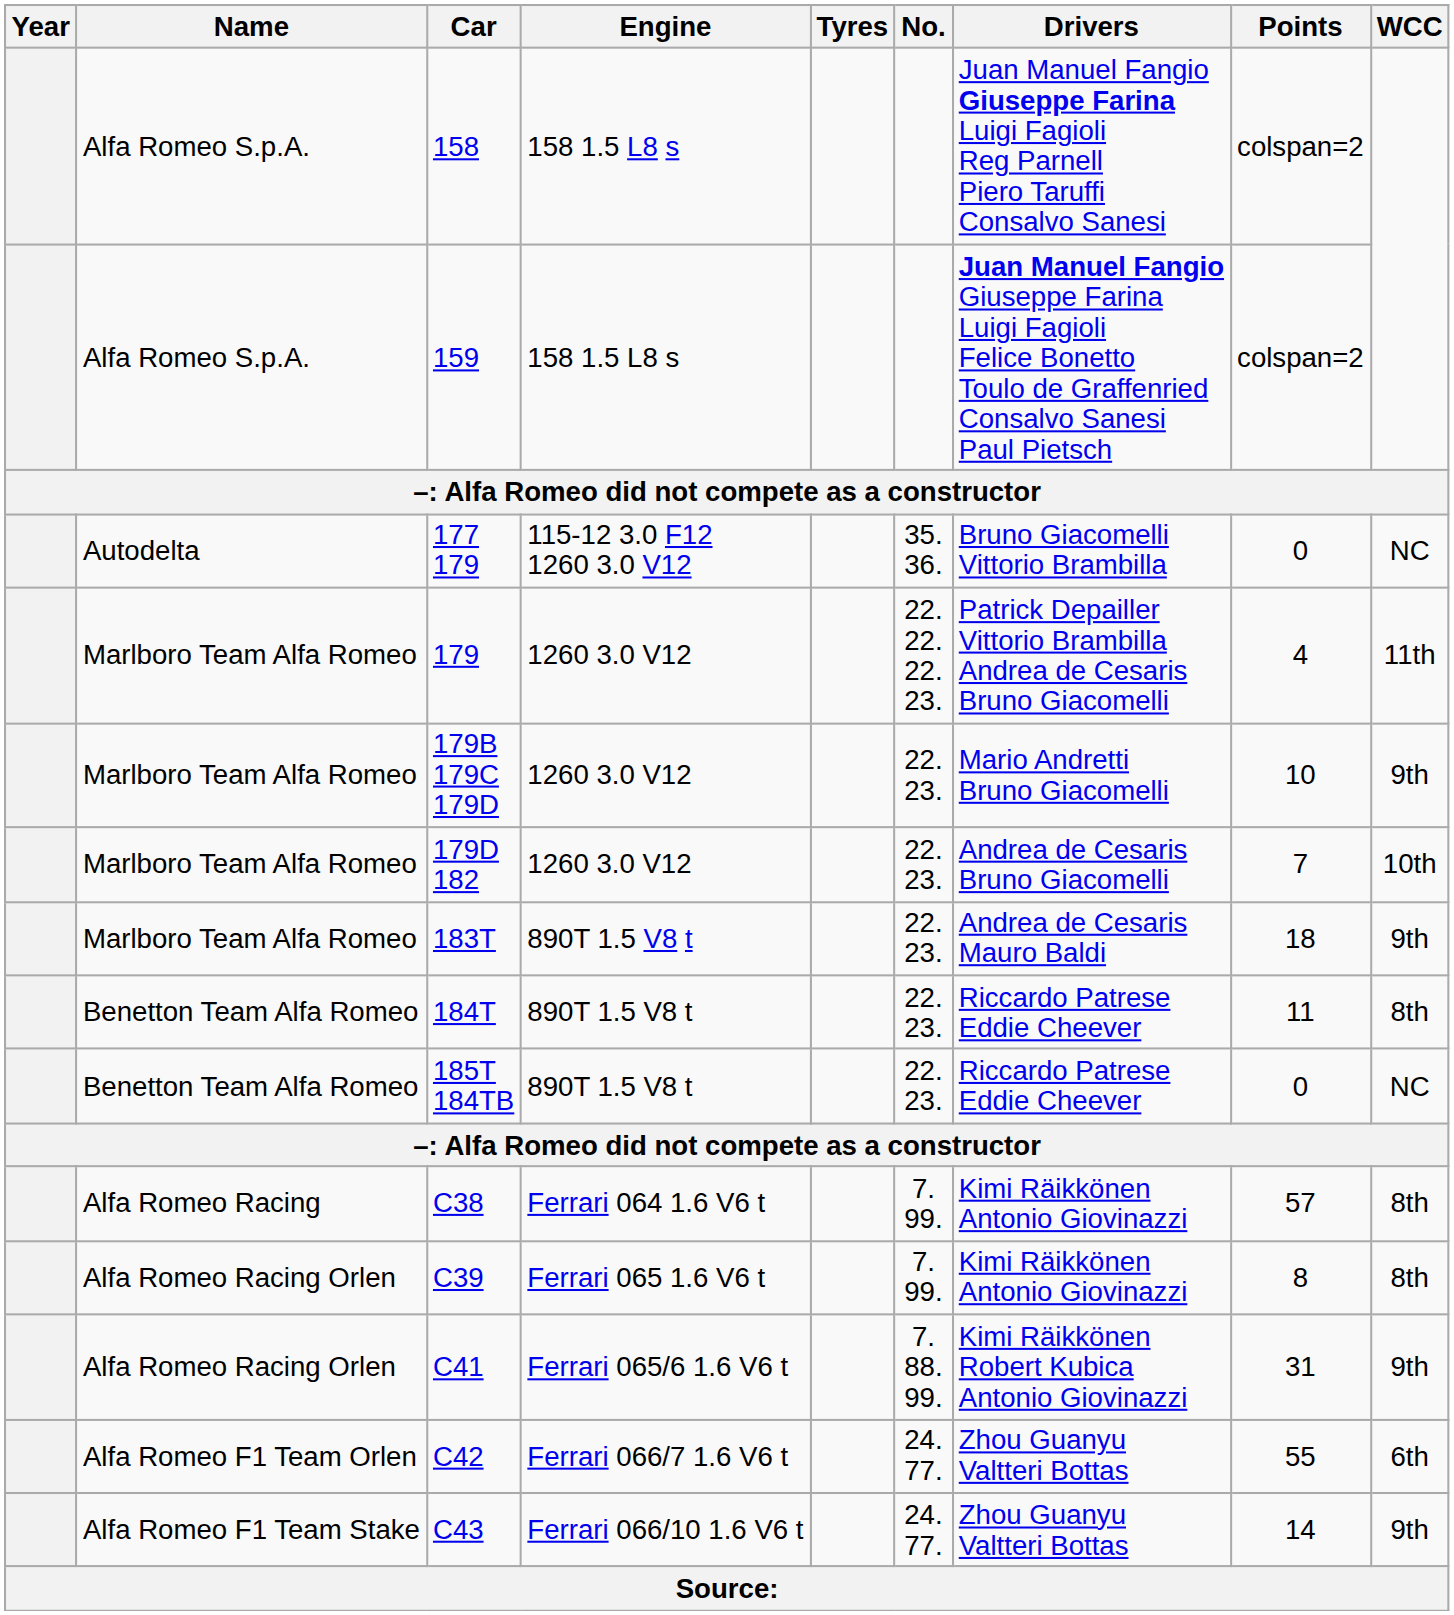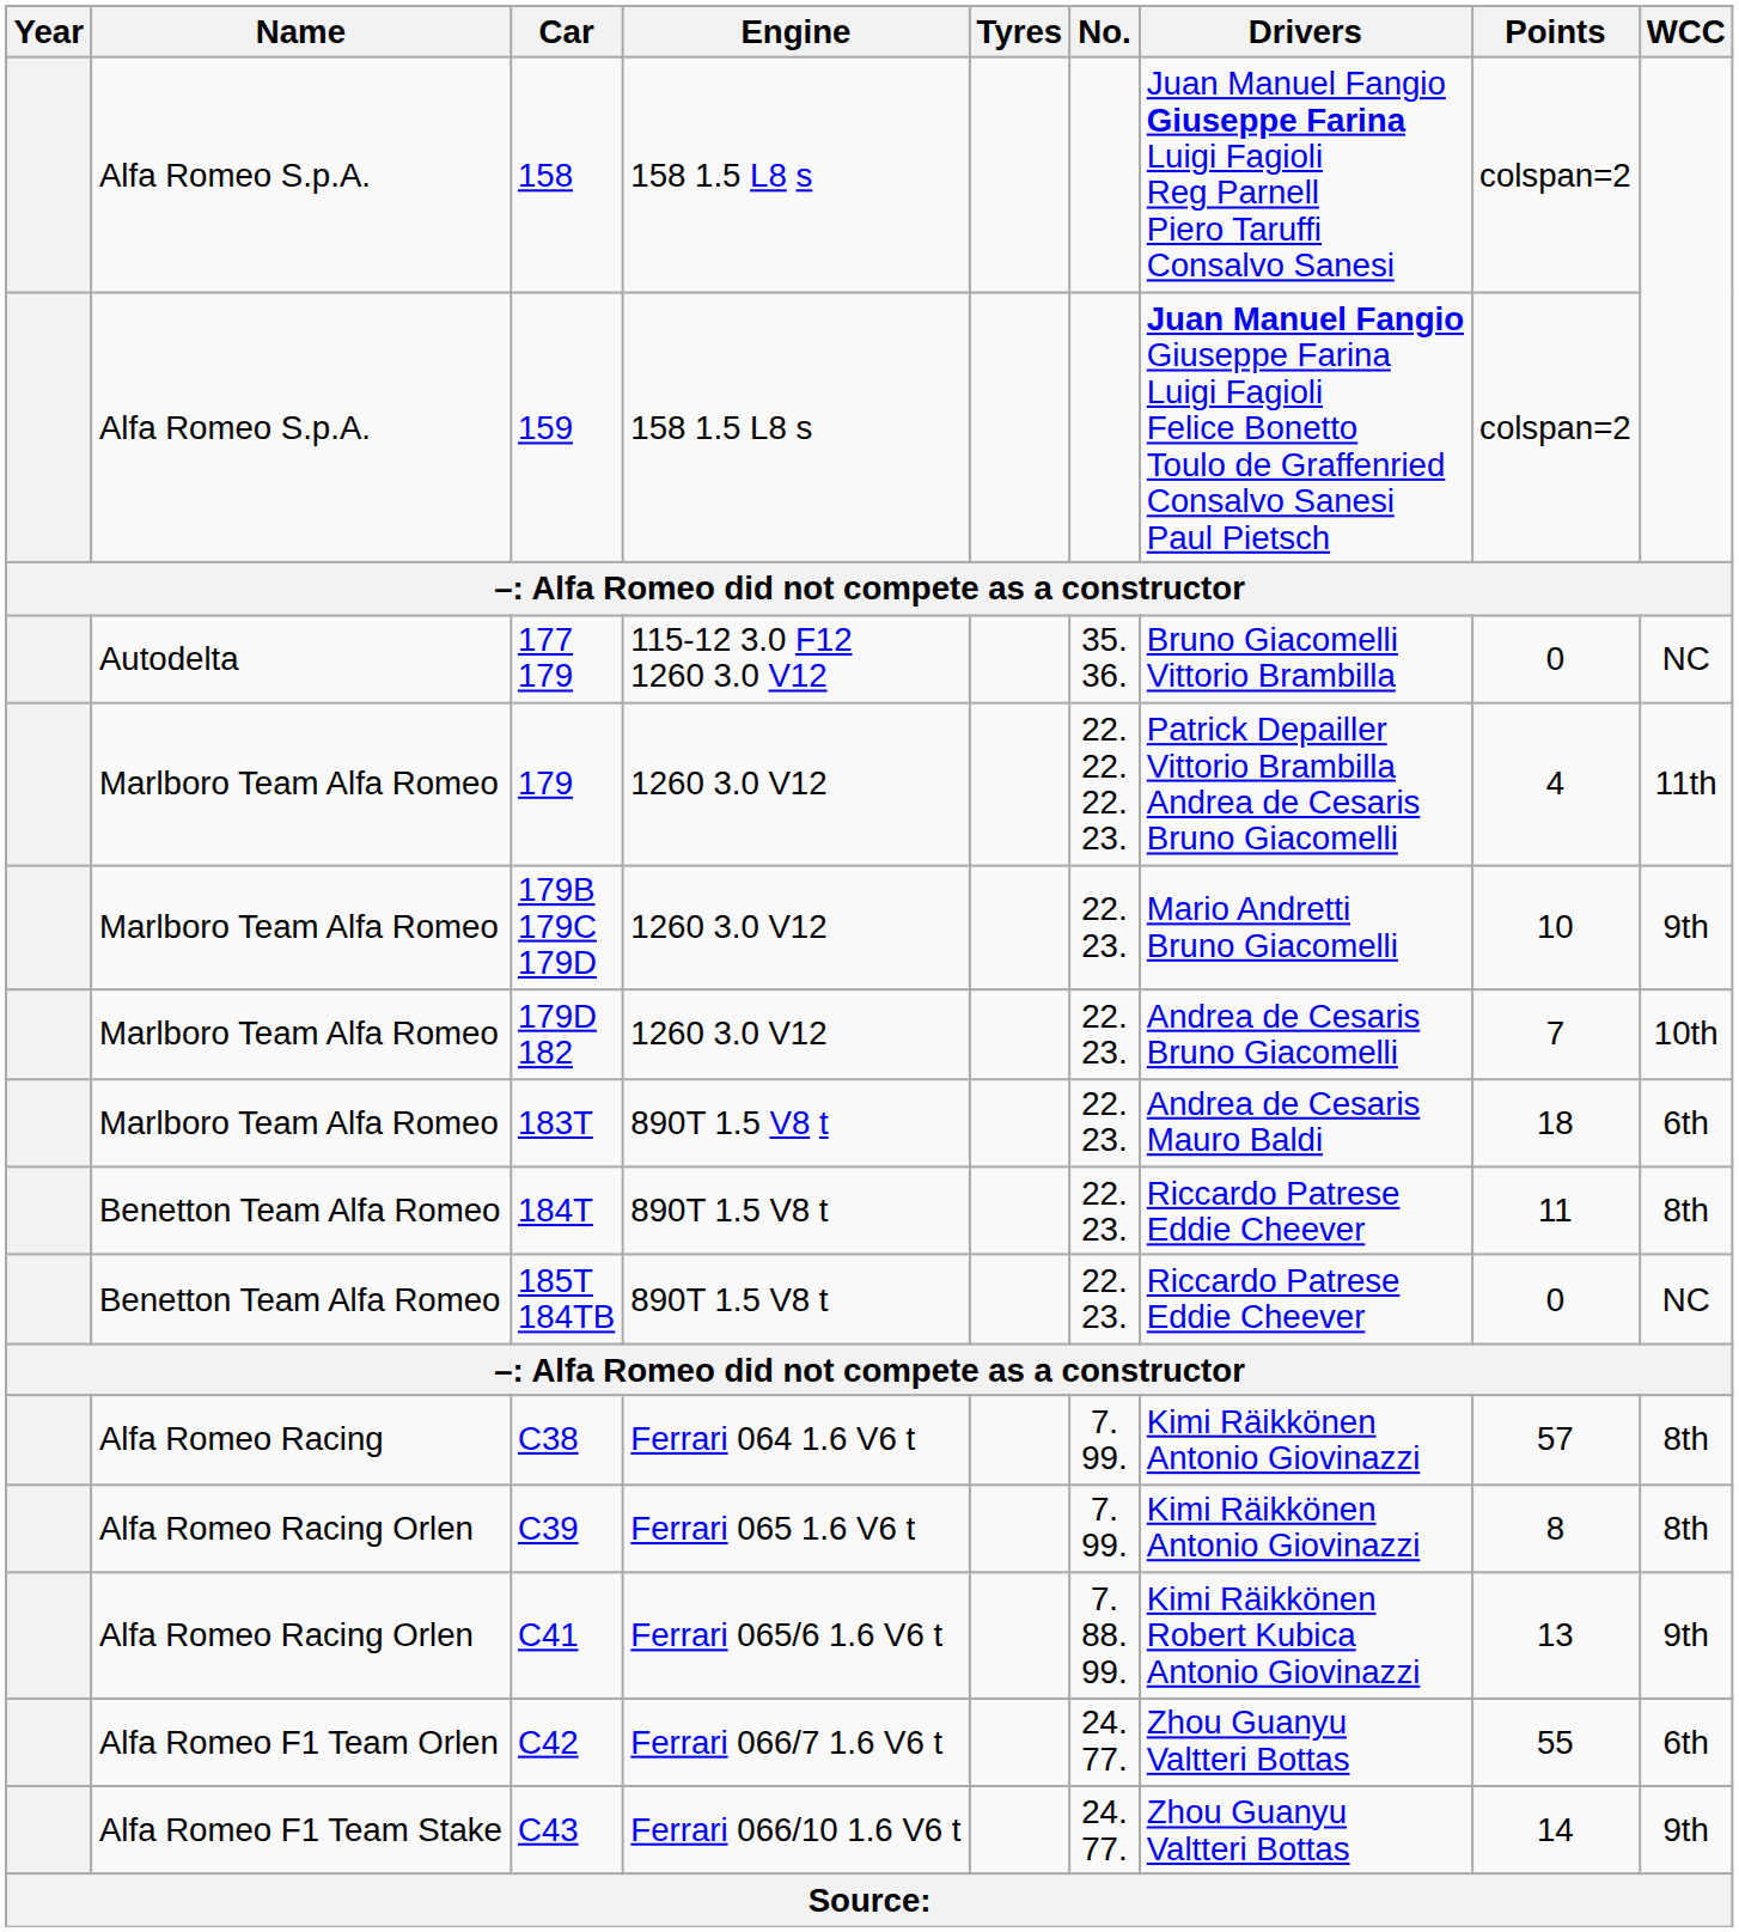 <table class="wikitable" style="text-align:center; font-size:85%">
 <tr>
 <th>Year</th>
 <th>Name</th>
 <th>Car</th>
 <th>Engine</th>
 <th>Tyres</th>
 <th>No.</th>
 <th>Drivers</th>
 <th>Points</th>
 <th>WCC</th>
 </tr>
 <tr>
 <th></th>
 <td align="left"> Alfa Romeo S.p.A.</td>
 <td align="left"><a href='#'>158</a></td>
 <td align="left">158 1.5 <a href='#'>L8</a> <a href='#'>s</a></td>
 <td></td>
 <td></td>
 <td align="left"> <a href='#'>Juan Manuel Fangio</a><br> <strong><a href='#'>Giuseppe Farina</a></strong><br> <a href='#'>Luigi Fagioli</a><br> <a href='#'>Reg Parnell</a><br> <a href='#'>Piero Taruffi</a><br> <a href='#'>Consalvo Sanesi</a></td>
 <td>colspan=2 </td>
 </tr>
 <tr>
 <th></th>
 <td align="left"> Alfa Romeo S.p.A.</td>
 <td align="left"><a href='#'>159</a></td>
 <td align="left">158 1.5 L8 s</td>
 <td></td>
 <td></td>
 <td align="left"> <strong><a href='#'>Juan Manuel Fangio</a></strong><br> <a href='#'>Giuseppe Farina</a><br> <a href='#'>Luigi Fagioli</a><br> <a href='#'>Felice Bonetto</a><br> <a href='#'>Toulo de Graffenried</a><br> <a href='#'>Consalvo Sanesi</a><br> <a href='#'>Paul Pietsch</a></td>
 <td>colspan=2 </td>
 </tr>
 <tr>
 <th colspan="9" style="text-align:center;">–: Alfa Romeo did not compete as a constructor</th>
 </tr>
 <tr>
 <th></th>
 <td align="left"> Autodelta</td>
 <td align="left"><a href='#'>177</a><br><a href='#'>179</a></td>
 <td align="left">115-12 3.0 <a href='#'>F12</a><br>1260 3.0 <a href='#'>V12</a></td>
 <td></td>
 <td>35.<br>36.</td>
 <td align="left"> <a href='#'>Bruno Giacomelli</a><br> <a href='#'>Vittorio Brambilla</a></td>
 <td>0</td>
 <td>NC</td>
 </tr>
 <tr>
 <th></th>
 <td align="left"> Marlboro Team Alfa Romeo</td>
 <td align="left"><a href='#'>179</a></td>
 <td align="left">1260 3.0 V12</td>
 <td></td>
 <td>22.<br>22.<br>22.<br>23.</td>
 <td align="left"> <a href='#'>Patrick Depailler</a><br> <a href='#'>Vittorio Brambilla</a><br> <a href='#'>Andrea de Cesaris</a><br> <a href='#'>Bruno Giacomelli</a></td>
 <td>4</td>
 <td>11th</td>
 </tr>
 <tr>
 <th></th>
 <td align="left"> Marlboro Team Alfa Romeo</td>
 <td align="left"><a href='#'>179B</a><br><a href='#'>179C</a><br><a href='#'>179D</a></td>
 <td align="left">1260 3.0 V12</td>
 <td></td>
 <td>22.<br>23.</td>
 <td align="left"> <a href='#'>Mario Andretti</a><br> <a href='#'>Bruno Giacomelli</a></td>
 <td>10</td>
 <td>9th</td>
 </tr>
 <tr>
 <th></th>
 <td align="left"> Marlboro Team Alfa Romeo</td>
 <td align="left"><a href='#'>179D</a><br><a href='#'>182</a></td>
 <td align="left">1260 3.0 V12</td>
 <td></td>
 <td>22.<br>23.</td>
 <td align="left"> <a href='#'>Andrea de Cesaris</a><br> <a href='#'>Bruno Giacomelli</a></td>
 <td>7</td>
 <td>10th</td>
 </tr>
 <tr>
 <th></th>
 <td align="left"> Marlboro Team Alfa Romeo</td>
 <td align="left"><a href='#'>183T</a></td>
 <td align="left">890T 1.5 <a href='#'>V8</a> <a href='#'>t</a></td>
 <td></td>
 <td>22.<br>23.</td>
 <td align="left"> <a href='#'>Andrea de Cesaris</a><br> <a href='#'>Mauro Baldi</a></td>
 <td>18</td>
-<td>9th</td>
+<td>6th</td>
 </tr>
 <tr>
 <th></th>
 <td align="left"> Benetton Team Alfa Romeo</td>
 <td align="left"><a href='#'>184T</a></td>
 <td align="left">890T 1.5 V8 t</td>
 <td></td>
 <td>22.<br>23.</td>
 <td align="left"> <a href='#'>Riccardo Patrese</a><br> <a href='#'>Eddie Cheever</a></td>
 <td>11</td>
 <td>8th</td>
 </tr>
 <tr>
 <th></th>
 <td align="left"> Benetton Team Alfa Romeo</td>
 <td align="left"><a href='#'>185T</a><br><a href='#'>184TB</a></td>
 <td align="left">890T 1.5 V8 t</td>
 <td></td>
 <td>22.<br>23.</td>
 <td align="left"> <a href='#'>Riccardo Patrese</a><br> <a href='#'>Eddie Cheever</a></td>
 <td>0</td>
 <td>NC</td>
 </tr>
 <tr>
 <th colspan="9" style="text-align:center;">–: Alfa Romeo did not compete as a constructor</th>
 </tr>
 <tr>
 <th></th>
 <td align="left">  Alfa Romeo Racing</td>
 <td align="left"><a href='#'>C38</a></td>
 <td align="left"><a href='#'>Ferrari</a> 064 1.6 V6 t</td>
 <td></td>
 <td>7.<br>99.</td>
 <td align="left"> <a href='#'>Kimi Räikkönen</a><br> <a href='#'>Antonio Giovinazzi</a></td>
 <td>57</td>
 <td>8th</td>
 </tr>
 <tr>
 <th></th>
 <td align="left">  Alfa Romeo Racing Orlen</td>
 <td align="left"><a href='#'>C39</a></td>
 <td align="left"><a href='#'>Ferrari</a> 065 1.6 V6 t</td>
 <td></td>
 <td>7.<br>99.</td>
 <td align="left"> <a href='#'>Kimi Räikkönen</a><br> <a href='#'>Antonio Giovinazzi</a></td>
 <td>8</td>
 <td>8th</td>
 </tr>
 <tr>
 <th></th>
 <td align="left">  Alfa Romeo Racing Orlen</td>
 <td align="left"><a href='#'>C41</a></td>
 <td align="left"><a href='#'>Ferrari</a> 065/6 1.6 V6 t</td>
 <td></td>
 <td>7.<br>88.<br>99.</td>
 <td align="left"> <a href='#'>Kimi Räikkönen</a><br> <a href='#'>Robert Kubica</a><br> <a href='#'>Antonio Giovinazzi</a></td>
-<td>31</td>
+<td>13</td>
 <td>9th</td>
 </tr>
 <tr>
 <th></th>
 <td align="left"> Alfa Romeo F1 Team Orlen</td>
 <td align="left"><a href='#'>C42</a></td>
 <td align="left"><a href='#'>Ferrari</a> 066/7 1.6 V6 t</td>
 <td></td>
 <td>24.<br>77.</td>
 <td align="left"> <a href='#'>Zhou Guanyu</a><br> <a href='#'>Valtteri Bottas</a></td>
 <td>55</td>
 <td>6th</td>
 </tr>
 <tr>
 <th></th>
 <td align="left"> Alfa Romeo F1 Team Stake</td>
 <td align="left"><a href='#'>C43</a></td>
 <td align="left"><a href='#'>Ferrari</a> 066/10 1.6 V6 t</td>
 <td></td>
 <td>24.<br>77.</td>
 <td align="left"> <a href='#'>Zhou Guanyu</a><br> <a href='#'>Valtteri Bottas</a></td>
 <td>14</td>
 <td>9th</td>
 </tr>
 <tr>
 <th colspan="9">Source:</th>
 </tr>
 </table>
